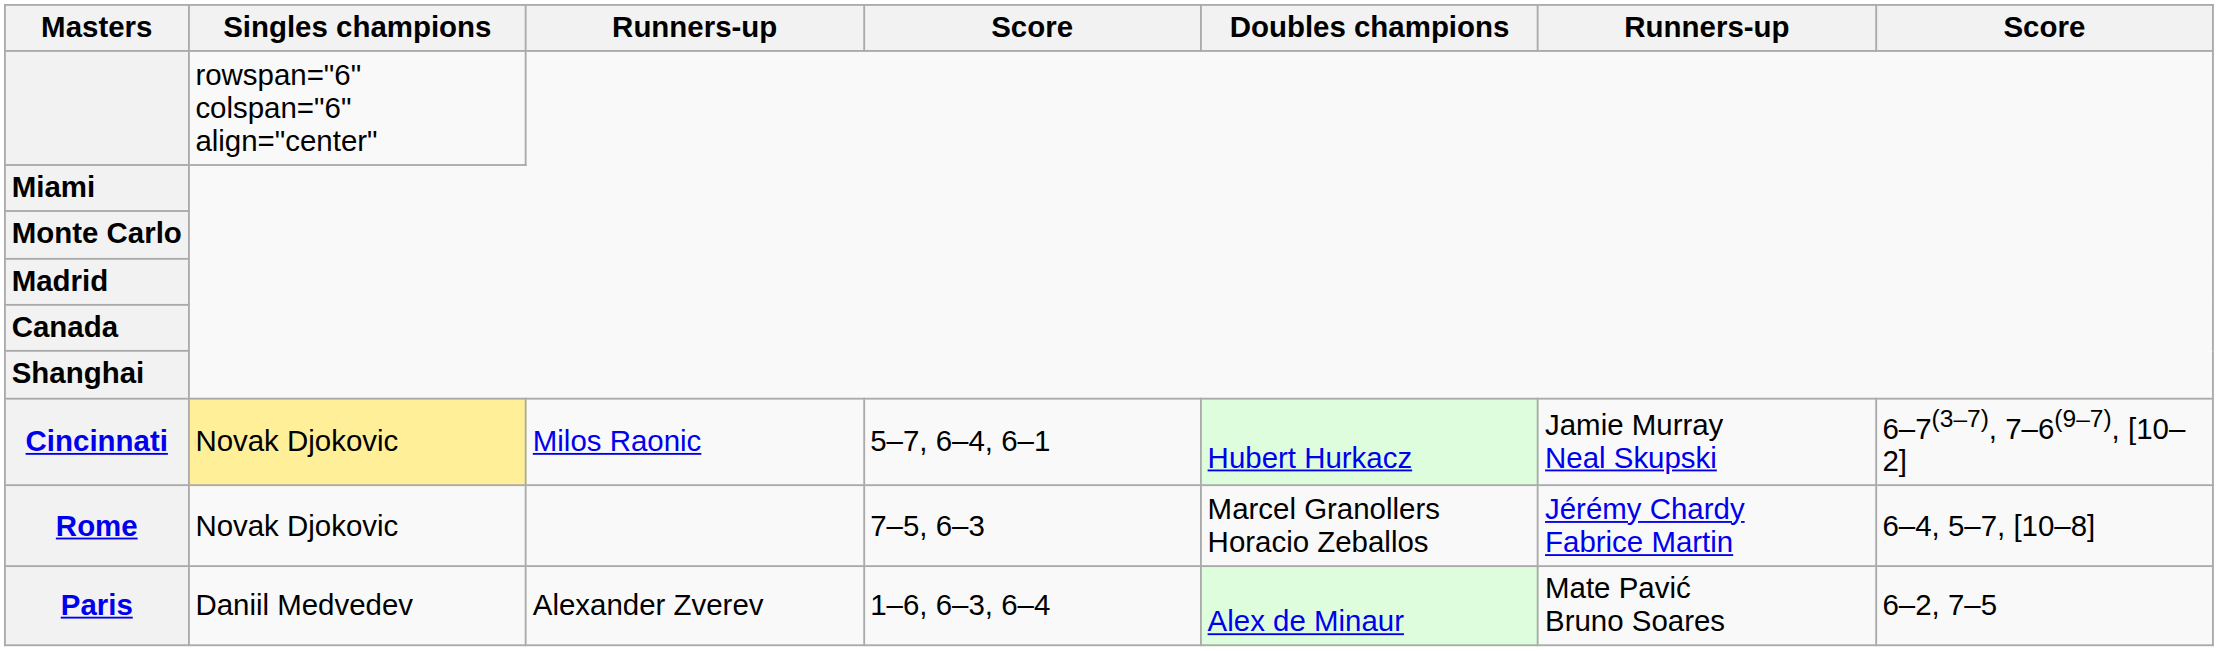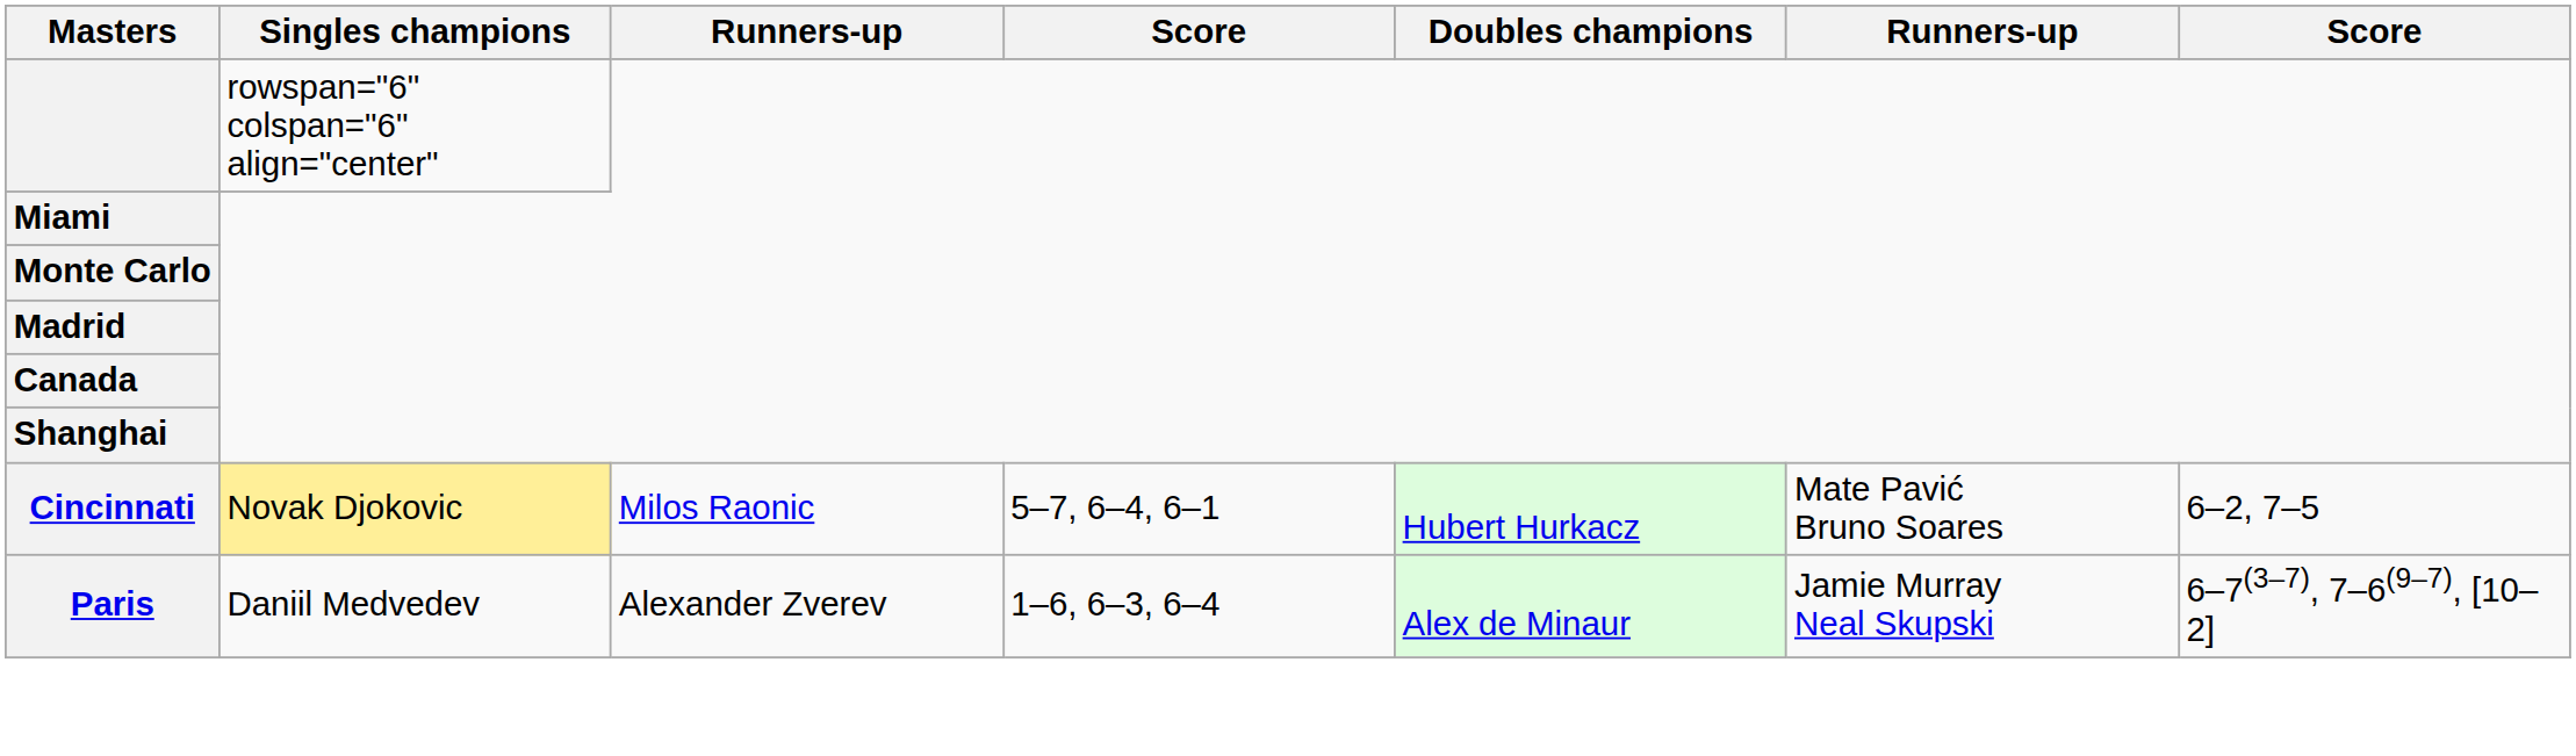 <table class="wikitable plainrowheaders">
 <tr>
 <th scope="col">Masters</th>
 <th scope="col" style="width:11em">Singles champions</th>
 <th scope="col" style="width:11em">Runners-up</th>
 <th scope="col" style="width:11em">Score</th>
 <th scope="col" style="width:11em">Doubles champions</th>
 <th scope="col" style="width:11em">Runners-up</th>
 <th scope="col" style="width:11em">Score</th>
 </tr>
 <tr>
 <th scope="row" style="text-align: left"></th>
 <td>rowspan="6" colspan="6" align="center" </td>
 </tr>
 <tr>
 <th scope="row" style="text-align: left">Miami</th>
 </tr>
 <tr>
 <th scope="row" style="text-align: left">Monte Carlo</th>
 </tr>
 <tr>
 <th scope="row" style="text-align: left">Madrid</th>
 </tr>
 <tr>
 <th scope="row" style="text-align: left">Canada</th>
 </tr>
 <tr>
 <th scope="row" style="text-align: left">Shanghai</th>
 </tr>
 <tr>
 <th scope="row"><a href='#'><strong>Cincinnati</strong></a><br></th>
 <td style="background-color: #ffef98"> Novak Djokovic</td>
 <td> <a href='#'>Milos Raonic</a></td>
 <td>5–7, 6–4, 6–1</td>
 <td style="background-color: #ddfddd"><br> <a href='#'>Hubert Hurkacz</a></td>
-<td> Jamie Murray<br>  <a href='#'>Neal Skupski</a></td>
-<td>6–7<sup>(3–7)</sup>, 7–6<sup>(9–7)</sup>, [10–2]</td>
-</tr>
-<tr>
-<th scope="row"><a href='#'><strong>Rome</strong></a><br></th>
-<td> Novak Djokovic</td>
-<td></td>
-<td>7–5, 6–3</td>
-<td> Marcel Granollers <br>  Horacio Zeballos</td>
-<td> <a href='#'>Jérémy Chardy</a> <br>  <a href='#'>Fabrice Martin</a></td>
-<td>6–4, 5–7, [10–8]</td>
+<td> Mate Pavić<br> Bruno Soares</td>
+<td>6–2, 7–5</td>
 </tr>
 <tr>
 <th scope="row"><a href='#'><strong>Paris</strong></a><br></th>
 <td> Daniil Medvedev</td>
 <td> Alexander Zverev</td>
 <td>1–6, 6–3, 6–4</td>
 <td style="background-color: #ddfddd"><br>  <a href='#'>Alex de Minaur</a></td>
-<td> Mate Pavić<br> Bruno Soares</td>
-<td>6–2, 7–5</td>
+<td> Jamie Murray<br>  <a href='#'>Neal Skupski</a></td>
+<td>6–7<sup>(3–7)</sup>, 7–6<sup>(9–7)</sup>, [10–2]</td>
 </tr>
 </table>
